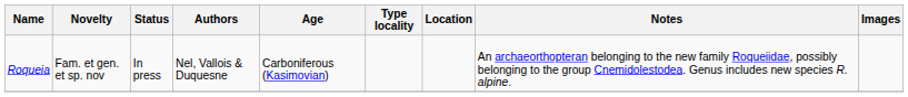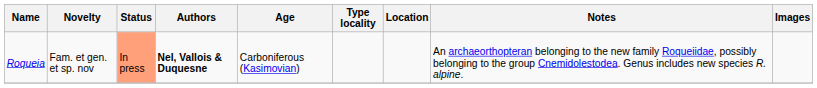 <table class="wikitable sortable" align="center" width="100%">
 <tr>
 <th>Name</th>
 <th>Novelty</th>
 <th>Status</th>
 <th>Authors</th>
 <th>Age</th>
 <th>Type locality</th>
 <th>Location</th>
 <th>Notes</th>
 <th>Images</th>
 </tr>
 <tr>
 <td><br><em><a href='#'>Roqueia</a></em></td>
 <td><br>Fam. et gen. et sp. nov</td>
-<td><br>In press</td>
-<td><br>Nel, Vallois & Duquesne</td>
+<td style="background: lightsalmon;"><br>In press</td>
+<td><strong><br>Nel, Vallois & Duquesne</strong></td>
 <td><br>Carboniferous (<a href='#'>Kasimovian</a>)</td>
 <td></td>
 <td><br></td>
 <td><br>An <a href='#'>archaeorthopteran</a> belonging to the new family <a href='#'>Roqueiidae</a>, possibly belonging to the group <a href='#'>Cnemidolestodea</a>. Genus includes new species <em>R. alpine</em>.</td>
 <td></td>
 </tr>
 <tr>
 </tr>
 </table>
